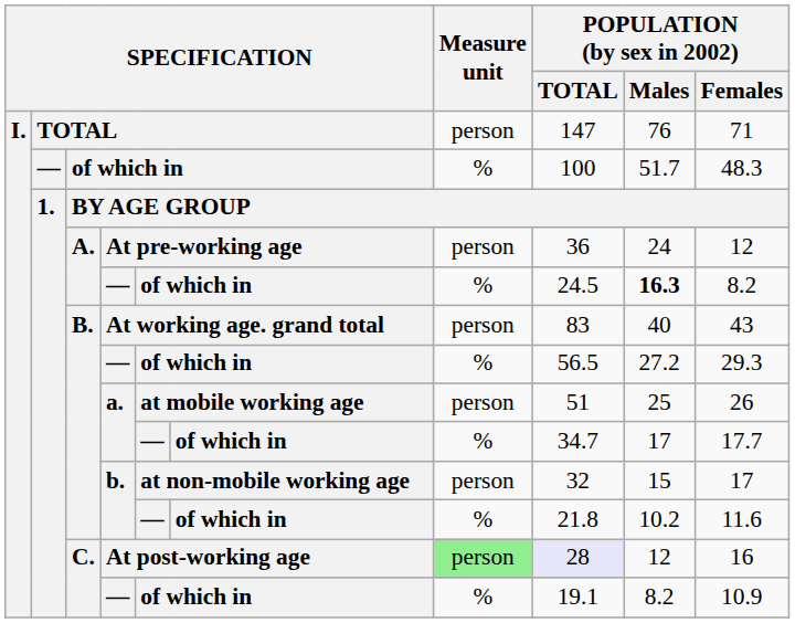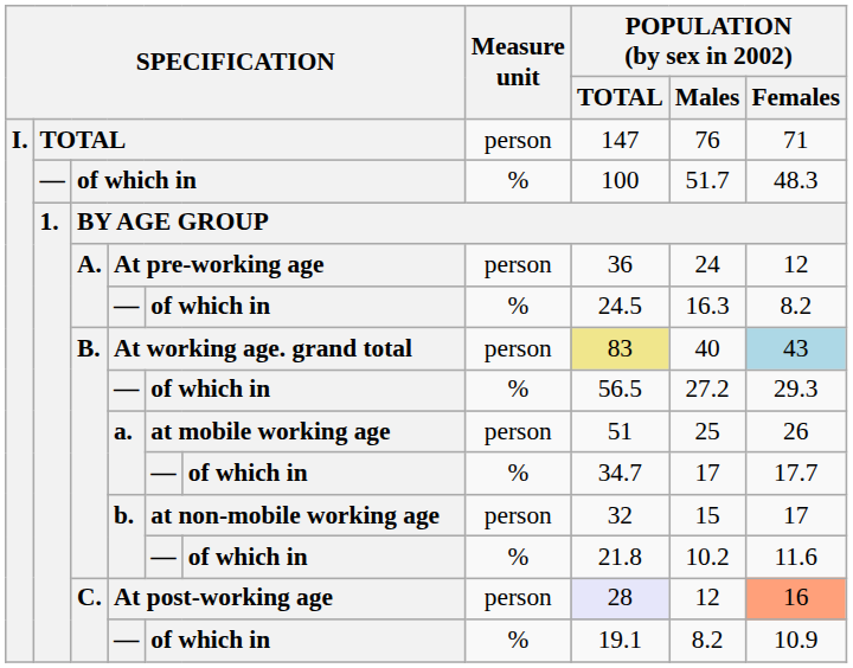 <table class="wikitable" style="font-size:85%; text-align:center">
 <tr>
 <th rowspan="2" colspan="6">SPECIFICATION</th>
 <th rowspan="2">Measure<br> unit</th>
 <th colspan="3" rowspan="1">POPULATION<br> (by sex in 2002)</th>
 </tr>
 <tr>
 <th>TOTAL</th>
 <th>Males</th>
 <th>Females</th>
 </tr>
 <tr>
 <th style="text-align:left" valign="top" rowspan="13">I.</th>
 <th style="text-align:left" colspan="5">TOTAL</th>
 <td>person</td>
 <td>147</td>
 <td>76</td>
 <td>71</td>
 </tr>
 <tr>
 <th style="text-align:left" valign="top">—</th>
 <th style="text-align:left" colspan="4">of which in</th>
 <td>%</td>
 <td>100</td>
 <td>51.7</td>
 <td>48.3</td>
 </tr>
 <tr>
 <th style="text-align:left" valign="top" rowspan="11">1.</th>
 <th style="text-align:left" colspan="19">BY AGE GROUP</th>
 </tr>
 <tr>
 <th style="text-align:left" valign="top" rowspan="2">A.</th>
 <th style="text-align:left" colspan="3">At pre-working age</th>
 <td>person</td>
 <td>36</td>
 <td>24</td>
 <td>12</td>
 </tr>
 <tr>
 <th style="text-align:left" valign="top">—</th>
 <th style="text-align:left" valign="top" colspan="2">of which in</th>
 <td>%</td>
 <td>24.5</td>
-<td><strong>16.3</strong></td>
+<td>16.3</td>
 <td>8.2</td>
 </tr>
 <tr>
 <th style="text-align:left" valign="top" rowspan="6">B.</th>
 <th style="text-align:left" colspan="3">At working age. grand total</th>
 <td>person</td>
-<td>83</td>
+<td style="background: khaki;">83</td>
 <td>40</td>
-<td>43</td>
+<td style="background: lightblue;">43</td>
 </tr>
 <tr>
 <th style="text-align:left" valign="top">—</th>
 <th style="text-align:left" valign="top" colspan="2">of which in</th>
 <td>%</td>
 <td>56.5</td>
 <td>27.2</td>
 <td>29.3</td>
 </tr>
 <tr>
 <th style="text-align:left" valign="top" rowspan="2">a.</th>
 <th style="text-align:left" colspan="2">at mobile working age</th>
 <td>person</td>
 <td>51</td>
 <td>25</td>
 <td>26</td>
 </tr>
 <tr>
 <th style="text-align:left" valign="top">—</th>
 <th style="text-align:left" valign="top" colspan="1">of which in                        </th>
 <td>%</td>
 <td>34.7</td>
 <td>17</td>
 <td>17.7</td>
 </tr>
 <tr>
 <th style="text-align:left" valign="top" rowspan="2">b.</th>
 <th style="text-align:left" colspan="2">at non-mobile working age</th>
 <td>person</td>
 <td>32</td>
 <td>15</td>
 <td>17</td>
 </tr>
 <tr>
 <th style="text-align:left" valign="top">—</th>
 <th style="text-align:left" valign="top" colspan="1">of which in                        </th>
 <td>%</td>
 <td>21.8</td>
 <td>10.2</td>
 <td>11.6</td>
 </tr>
 <tr>
 <th style="text-align:left" valign="top" rowspan="2">C.</th>
 <th style="text-align:left" colspan="3">At post-working age</th>
-<td style="background: lightgreen;">person</td>
+<td>person</td>
 <td style="background: lavender;">28</td>
 <td>12</td>
-<td>16</td>
+<td style="background: lightsalmon;">16</td>
 </tr>
 <tr>
 <th style="text-align:left" valign="top">—</th>
 <th style="text-align:left" valign="top" colspan="2">of which in</th>
 <td>%</td>
 <td>19.1</td>
 <td>8.2</td>
 <td>10.9</td>
 </tr>
 </table>
